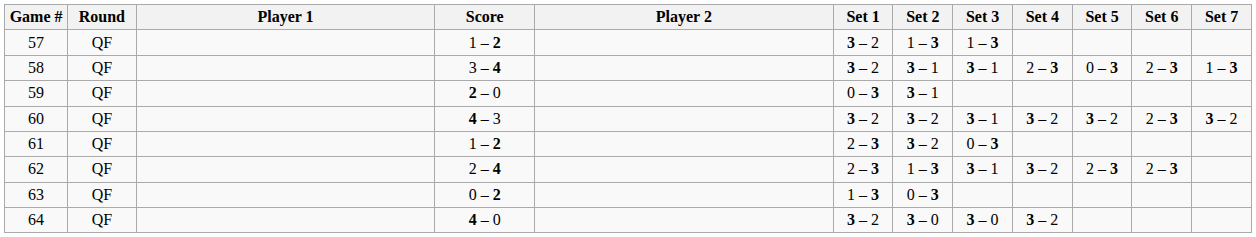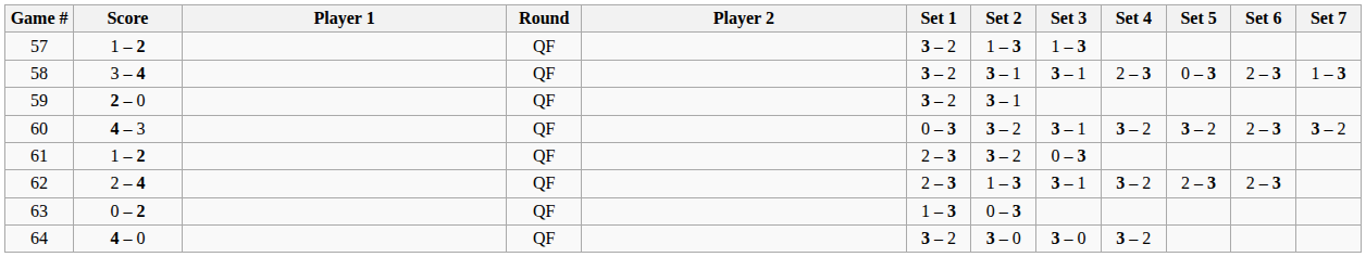 <table class="wikitable">
 <tr>
 <th width="2%">Game #</th>
+<th width="5%">Score</th>
+<th width="15%">Player 1</th>
 <th width="2%">Round</th>
-<th width="15%">Player 1</th>
-<th width="5%">Score</th>
 <th width="15%">Player 2</th>
 <th width="3%">Set 1</th>
 <th width="3%">Set 2</th>
 <th width="3%">Set 3</th>
 <th width="3%">Set 4</th>
 <th width="3%">Set 5</th>
 <th width="3%">Set 6</th>
 <th width="3%">Set 7</th>
 </tr>
 <tr style=text-align:center;"background:#;">
 <td>57</td>
+<td>1 – <strong>2</strong></td>
+<td></td>
 <td>QF</td>
-<td></td>
-<td>1 – <strong>2</strong></td>
 <td></td>
 <td><strong>3</strong> – 2</td>
 <td>1 – <strong>3</strong></td>
 <td>1 – <strong>3</strong></td>
 <td></td>
 <td></td>
 <td></td>
 <td></td>
 </tr>
 <tr style=text-align:center;"background:#;">
 <td>58</td>
+<td>3 – <strong>4</strong></td>
+<td></td>
 <td>QF</td>
-<td></td>
-<td>3 – <strong>4</strong></td>
 <td></td>
 <td><strong>3</strong> – 2</td>
 <td><strong>3</strong> – 1</td>
 <td><strong>3</strong> – 1</td>
 <td>2 – <strong>3</strong></td>
 <td>0 – <strong>3</strong></td>
 <td>2 – <strong>3</strong></td>
 <td>1 – <strong>3</strong></td>
 </tr>
 <tr style=text-align:center;"background:#;">
 <td>59</td>
+<td><strong>2</strong> – 0</td>
+<td></td>
 <td>QF</td>
 <td></td>
-<td><strong>2</strong> – 0</td>
-<td></td>
-<td>0 – <strong>3</strong></td>
+<td><strong>3</strong> – 2</td>
 <td><strong>3</strong> – 1</td>
 <td></td>
 <td></td>
 <td></td>
 <td></td>
 <td></td>
 </tr>
 <tr style=text-align:center;"background:#;">
 <td>60</td>
+<td><strong>4</strong> – 3</td>
+<td></td>
 <td>QF</td>
 <td></td>
-<td><strong>4</strong> – 3</td>
-<td></td>
-<td><strong>3</strong> – 2</td>
+<td>0 – <strong>3</strong></td>
 <td><strong>3</strong> – 2</td>
 <td><strong>3</strong> – 1</td>
 <td><strong>3</strong> – 2</td>
 <td><strong>3</strong> – 2</td>
 <td>2 – <strong>3</strong></td>
 <td><strong>3</strong> – 2</td>
 </tr>
 <tr style=text-align:center;"background:#;">
 <td>61</td>
+<td>1 – <strong>2</strong></td>
+<td></td>
 <td>QF</td>
-<td></td>
-<td>1 – <strong>2</strong></td>
 <td></td>
 <td>2 – <strong>3</strong></td>
 <td><strong>3</strong> – 2</td>
 <td>0 – <strong>3</strong></td>
 <td></td>
 <td></td>
 <td></td>
 <td></td>
 </tr>
 <tr style=text-align:center;"background:#;">
 <td>62</td>
+<td>2 – <strong>4</strong></td>
+<td></td>
 <td>QF</td>
-<td></td>
-<td>2 – <strong>4</strong></td>
 <td></td>
 <td>2 – <strong>3</strong></td>
 <td>1 – <strong>3</strong></td>
 <td><strong>3</strong> – 1</td>
 <td><strong>3</strong> – 2</td>
 <td>2 – <strong>3</strong></td>
 <td>2 – <strong>3</strong></td>
 <td></td>
 </tr>
 <tr style=text-align:center;"background:#;">
 <td>63</td>
+<td>0 – <strong>2</strong></td>
+<td></td>
 <td>QF</td>
-<td></td>
-<td>0 – <strong>2</strong></td>
 <td></td>
 <td>1 – <strong>3</strong></td>
 <td>0 – <strong>3</strong></td>
 <td></td>
 <td></td>
 <td></td>
 <td></td>
 <td></td>
 </tr>
 <tr style=text-align:center;"background:#;">
 <td>64</td>
+<td><strong>4</strong> – 0</td>
+<td></td>
 <td>QF</td>
-<td></td>
-<td><strong>4</strong> – 0</td>
 <td></td>
 <td><strong>3</strong> – 2</td>
 <td><strong>3</strong> – 0</td>
 <td><strong>3</strong> – 0</td>
 <td><strong>3</strong> – 2</td>
 <td></td>
 <td></td>
 <td></td>
 </tr>
 </table>
